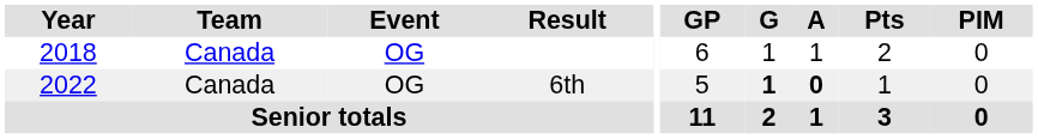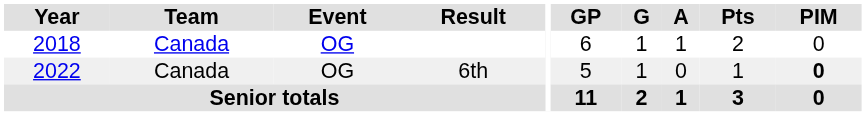 <table border="0" cellpadding="1" cellspacing="0" ID="Table3" style="text-align:center; width:40em">
 <tr ALIGN="center" bgcolor="#e0e0e0">
 <th>Year</th>
 <th>Team</th>
 <th>Event</th>
 <th>Result</th>
 <th rowspan="99" bgcolor="#ffffff"></th>
 <th>GP</th>
 <th>G</th>
 <th>A</th>
 <th>Pts</th>
 <th>PIM</th>
 </tr>
 <tr>
 <td><a href='#'>2018</a></td>
 <td><a href='#'>Canada</a></td>
 <td><a href='#'>OG</a></td>
 <td></td>
 <td>6</td>
 <td>1</td>
 <td>1</td>
 <td>2</td>
 <td>0</td>
 </tr>
 <tr bgcolor="#f0f0f0">
 <td><a href='#'>2022</a></td>
 <td>Canada</td>
 <td>OG</td>
 <td>6th</td>
 <td>5</td>
-<td><strong>1</strong></td>
-<td><strong>0</strong></td>
 <td>1</td>
 <td>0</td>
+<td>1</td>
+<td><strong>0</strong></td>
 </tr>
 <tr bgcolor="#e0e0e0">
 <th colspan="4">Senior totals</th>
 <th>11</th>
 <th>2</th>
 <th>1</th>
 <th>3</th>
 <th>0</th>
 </tr>
 </table>
